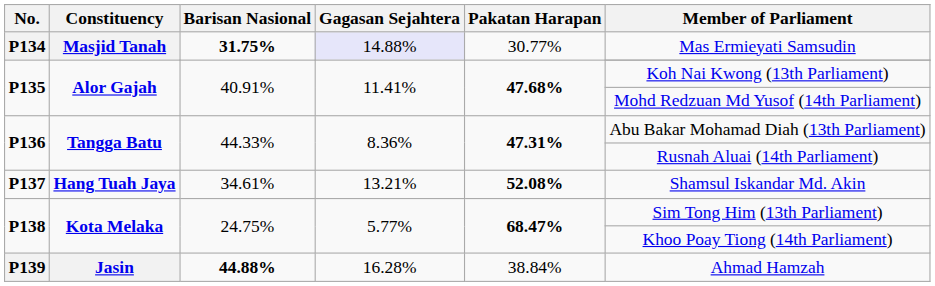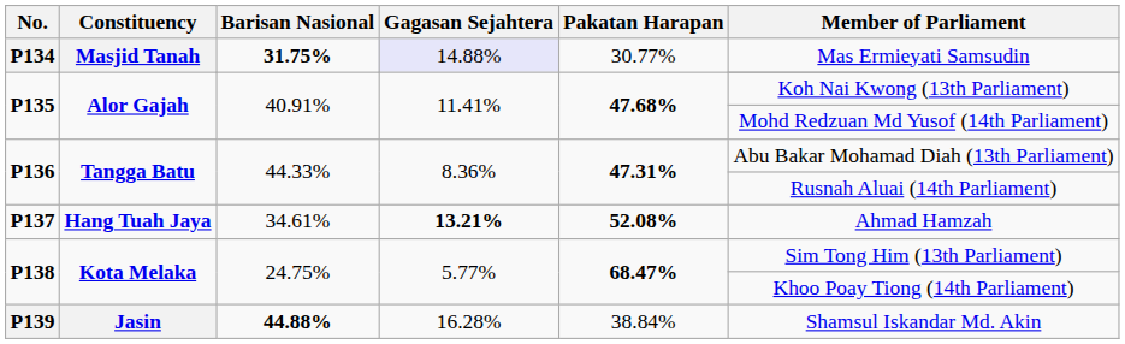 <table class=wikitable>
 <tr>
 <th>No.</th>
 <th>Constituency</th>
 <th>Barisan Nasional</th>
 <th>Gagasan Sejahtera</th>
 <th>Pakatan Harapan</th>
 <th>Member of Parliament</th>
 </tr>
 <tr align=center>
 <th>P134</th>
 <th><a href='#'>Masjid Tanah</a></th>
 <td><strong>31.75%</strong></td>
 <td style="background: lavender;">14.88%</td>
 <td>30.77%</td>
 <td><a href='#'>Mas Ermieyati Samsudin</a></td>
 </tr>
 <tr align=center>
 <td rowspan=3><strong>P135</strong></td>
 <td rowspan=3><strong><a href='#'>Alor Gajah</a></strong></td>
 <td rowspan=3>40.91%</td>
 <td rowspan=3>11.41%</td>
 <td rowspan=3><strong>47.68%</strong></td>
 </tr>
 <tr align=center>
 <td><a href='#'>Koh Nai Kwong</a> (<a href='#'>13th Parliament</a>)</td>
 </tr>
 <tr align=center>
 <td><a href='#'>Mohd Redzuan Md Yusof</a> (<a href='#'>14th Parliament</a>)</td>
 </tr>
 <tr align=center>
 <td rowspan=2><strong>P136</strong></td>
 <td rowspan=2><strong><a href='#'>Tangga Batu</a></strong></td>
 <td rowspan=2>44.33%</td>
 <td rowspan=2>8.36%</td>
 <td rowspan=2><strong>47.31%</strong></td>
 <td>Abu Bakar Mohamad Diah (<a href='#'>13th Parliament</a>)</td>
 </tr>
 <tr align=center>
 <td><a href='#'>Rusnah Aluai</a> (<a href='#'>14th Parliament</a>)</td>
 </tr>
 <tr align=center>
 <td><strong>P137</strong></td>
 <td><strong><a href='#'>Hang Tuah Jaya</a></strong></td>
 <td>34.61%</td>
-<td>13.21%</td>
+<td><strong>13.21%</strong></td>
 <td><strong>52.08%</strong></td>
-<td><a href='#'>Shamsul Iskandar Md. Akin</a></td>
+<td><a href='#'>Ahmad Hamzah</a></td>
 </tr>
 <tr align=center>
 <td rowspan=2><strong>P138</strong></td>
 <td rowspan=2><strong><a href='#'>Kota Melaka</a></strong></td>
 <td rowspan=2>24.75%</td>
 <td rowspan=2>5.77%</td>
 <td rowspan=2><strong>68.47%</strong></td>
 <td><a href='#'>Sim Tong Him</a> (<a href='#'>13th Parliament</a>)</td>
 </tr>
 <tr align=center>
 <td><a href='#'>Khoo Poay Tiong</a> (<a href='#'>14th Parliament</a>)</td>
 </tr>
 <tr align=center>
 <th rowspan=2 >P139</th>
 <th rowspan=2 ><a href='#'>Jasin</a></th>
 <td><strong>44.88%</strong></td>
 <td>16.28%</td>
 <td>38.84%</td>
-<td><a href='#'>Ahmad Hamzah</a></td>
+<td><a href='#'>Shamsul Iskandar Md. Akin</a></td>
 </tr>
 </table>
